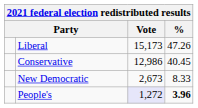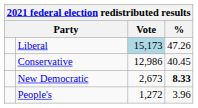 <table class="wikitable">
 <tr>
 <th colspan="4"><a href='#'>2021 federal election</a> redistributed results</th>
 </tr>
 <tr>
 <th bgcolor="#DDDDFF" width="130px" colspan="2">Party</th>
 <th bgcolor="#DDDDFF" width="50px">Vote</th>
 <th bgcolor="#DDDDFF" width="30px">%</th>
 </tr>
 <tr>
 <td> </td>
 <td><a href='#'>Liberal</a></td>
-<td align=right>15,173</td>
+<td align=right style="background: lightblue;">15,173</td>
 <td align=right>47.26</td>
 </tr>
 <tr>
 <td> </td>
 <td><a href='#'>Conservative</a></td>
 <td align=right>12,986</td>
 <td align=right>40.45</td>
 </tr>
 <tr>
 <td> </td>
 <td><a href='#'>New Democratic</a></td>
 <td align=right>2,673</td>
-<td align=right>8.33</td>
+<td align=right><strong>8.33</strong></td>
 </tr>
 <tr>
 <td> </td>
 <td><a href='#'>People's</a></td>
-<td align=right style="background: lavender;">1,272</td>
-<td align=right><strong>3.96</strong></td>
+<td align=right>1,272</td>
+<td align=right>3.96</td>
 </tr>
 </table>
